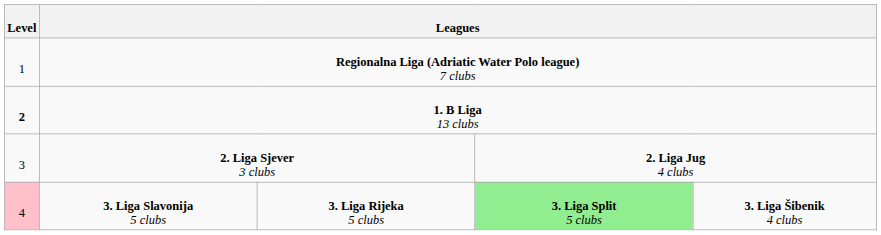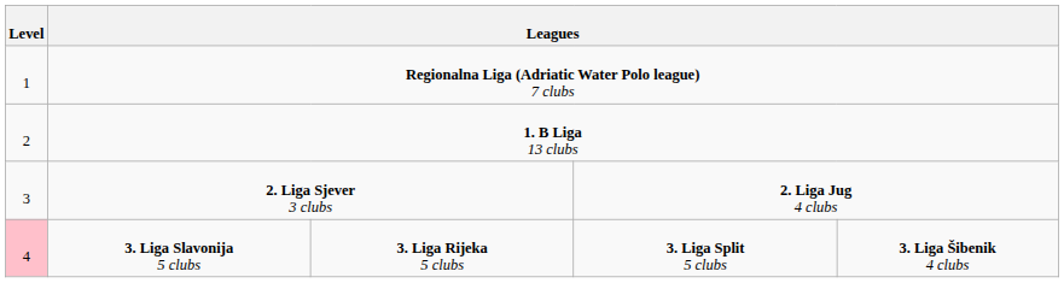 <table class="wikitable" style="text-align: center;">
 <tr>
 <th colspan="1" width="4%"><br>Level</th>
 <th colspan="8" width="96%"><br>Leagues</th>
 </tr>
 <tr>
 <td colspan="1" width="4%"><br>1</td>
 <td colspan="8" width="96%"><br><strong>Regionalna Liga (Adriatic Water Polo league)</strong><br> <em>7 clubs</em></td>
 </tr>
 <tr>
-<td colspan="1" width="4%"><strong><br>2</strong></td>
+<td colspan="1" width="4%"><br>2</td>
 <td colspan="8" width="96%"><br><strong>1. B Liga</strong><br> <em>13 clubs</em></td>
 </tr>
 <tr>
 <td colspan="1" width="4%"><br>3</td>
 <td colspan="2" width="50%"><br><strong>2. Liga Sjever</strong><br> <em>3 clubs</em></td>
 <td colspan="2" width="50%"><br><strong>2. Liga Jug</strong><br> <em>4 clubs</em></td>
 </tr>
 <tr>
 <td colspan="1" width="4%" style="background: pink;"><br>4</td>
 <td colspan="1" width="25%"><br><strong>3. Liga Slavonija</strong><br> <em>5 clubs</em></td>
 <td colspan="1" width="25%"><br><strong>3. Liga Rijeka</strong><br> <em>5 clubs</em></td>
-<td colspan="1" width="25%" style="background: lightgreen;"><br><strong>3. Liga Split</strong><br> <em>5 clubs</em></td>
+<td colspan="1" width="25%"><br><strong>3. Liga Split</strong><br> <em>5 clubs</em></td>
 <td colspan="1" width="25%"><br><strong>3. Liga Šibenik</strong><br> <em>4 clubs</em></td>
 </tr>
 </table>
